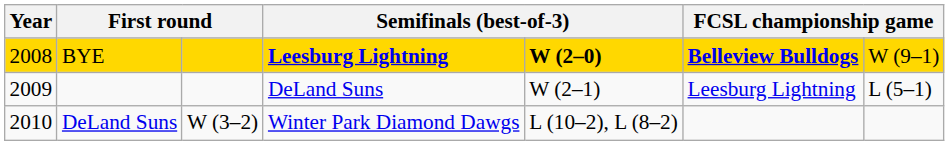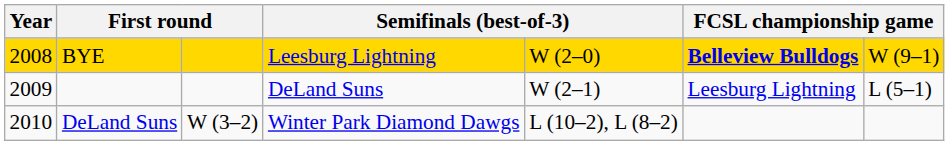 <table class="wikitable">
 <tr>
 <th>Year</th>
 <th colspan=2>First round</th>
 <th colspan=2>Semifinals (best-of-3)</th>
 <th colspan=2>FCSL championship game</th>
 </tr>
 <tr bgcolor="#FFD800">
 <td>2008</td>
 <td>BYE</td>
 <td></td>
-<td><strong><a href='#'>Leesburg Lightning</a></strong></td>
-<td><strong>W (2–0)</strong></td>
+<td><a href='#'>Leesburg Lightning</a></td>
+<td>W (2–0)</td>
 <td><strong><a href='#'>Belleview Bulldogs</a></strong></td>
 <td>W (9–1)</td>
 </tr>
 <tr>
 <td>2009</td>
 <td></td>
 <td></td>
 <td><a href='#'>DeLand Suns</a></td>
 <td>W (2–1)</td>
 <td><a href='#'>Leesburg Lightning</a></td>
 <td>L (5–1)</td>
 </tr>
 <tr>
 <td>2010</td>
 <td><a href='#'>DeLand Suns</a></td>
 <td>W (3–2)</td>
 <td><a href='#'>Winter Park Diamond Dawgs</a></td>
 <td>L (10–2), L (8–2)</td>
 <td></td>
 <td></td>
 </tr>
 </table>
